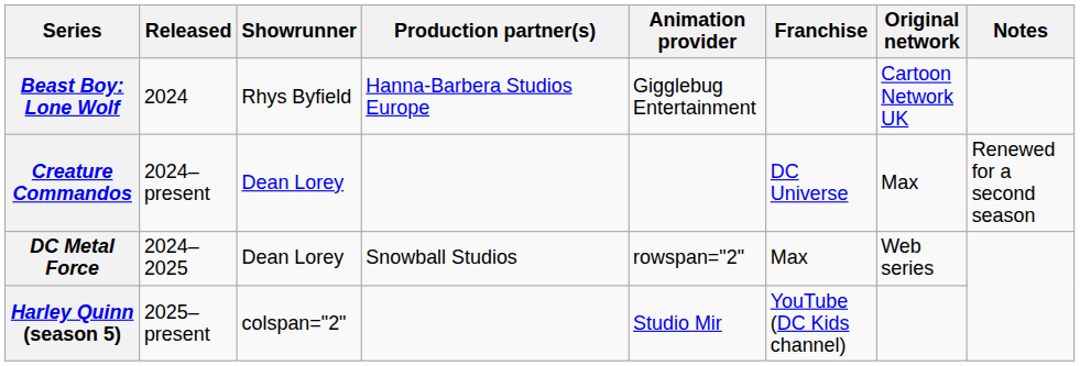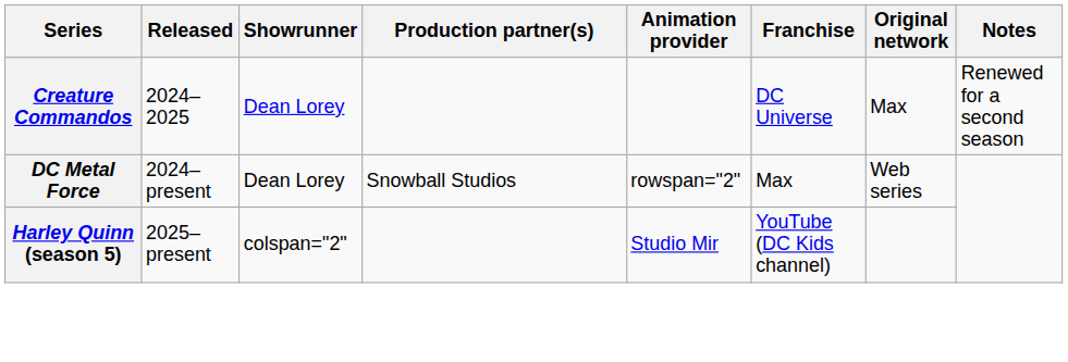 <table class="wikitable plainrowheaders unsortable defaultcenter col1left col2left col4left col5left">
 <tr>
 <th scope="col">Series</th>
 <th scope="col">Released</th>
 <th scope="col">Showrunner</th>
 <th scope="col" style="width:25%;">Production partner(s)</th>
 <th scope="col">Animation provider</th>
 <th scope="col">Franchise</th>
 <th scope="col">Original network</th>
 <th scope="col" style="width:10%;">Notes</th>
 </tr>
 <tr>
-<th scope="row"><em><a href='#'>Beast Boy: Lone Wolf</a></em></th>
-<td>2024</td>
-<td>Rhys Byfield</td>
-<td><a href='#'>Hanna-Barbera Studios Europe</a></td>
-<td>Gigglebug Entertainment</td>
-<td></td>
-<td><a href='#'>Cartoon Network UK</a></td>
-<td></td>
-</tr>
-<tr>
 <th scope="row"><em><a href='#'>Creature Commandos</a></em></th>
-<td>2024–present</td>
+<td>2024–2025</td>
 <td><a href='#'>Dean Lorey</a></td>
 <td></td>
 <td></td>
 <td><a href='#'>DC Universe</a></td>
 <td>Max</td>
 <td>Renewed for a second season</td>
 </tr>
 <tr>
 <th scope="row"><em>DC Metal Force</em></th>
-<td>2024–2025</td>
+<td>2024–present</td>
 <td>Dean Lorey</td>
 <td>Snowball Studios</td>
 <td>rowspan="2" </td>
 <td>Max</td>
 <td>Web series</td>
 </tr>
 <tr>
 <th scope="row"><em><a href='#'>Harley Quinn</a></em> (season 5)</th>
 <td>2025–present</td>
 <td>colspan="2" </td>
 <td></td>
 <td><a href='#'>Studio Mir</a></td>
 <td><a href='#'>YouTube</a> (<a href='#'>DC Kids</a> channel)</td>
 <td><br></td>
 </tr>
 </table>
